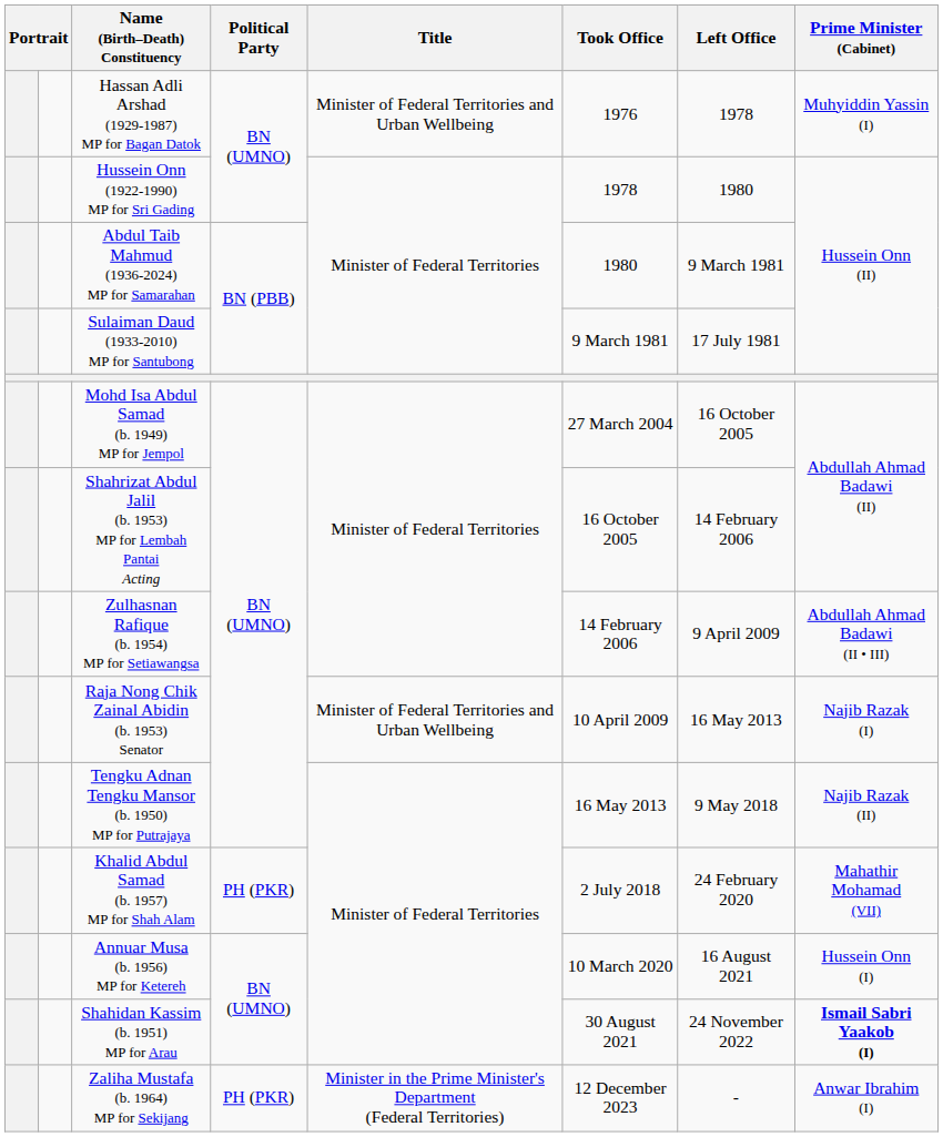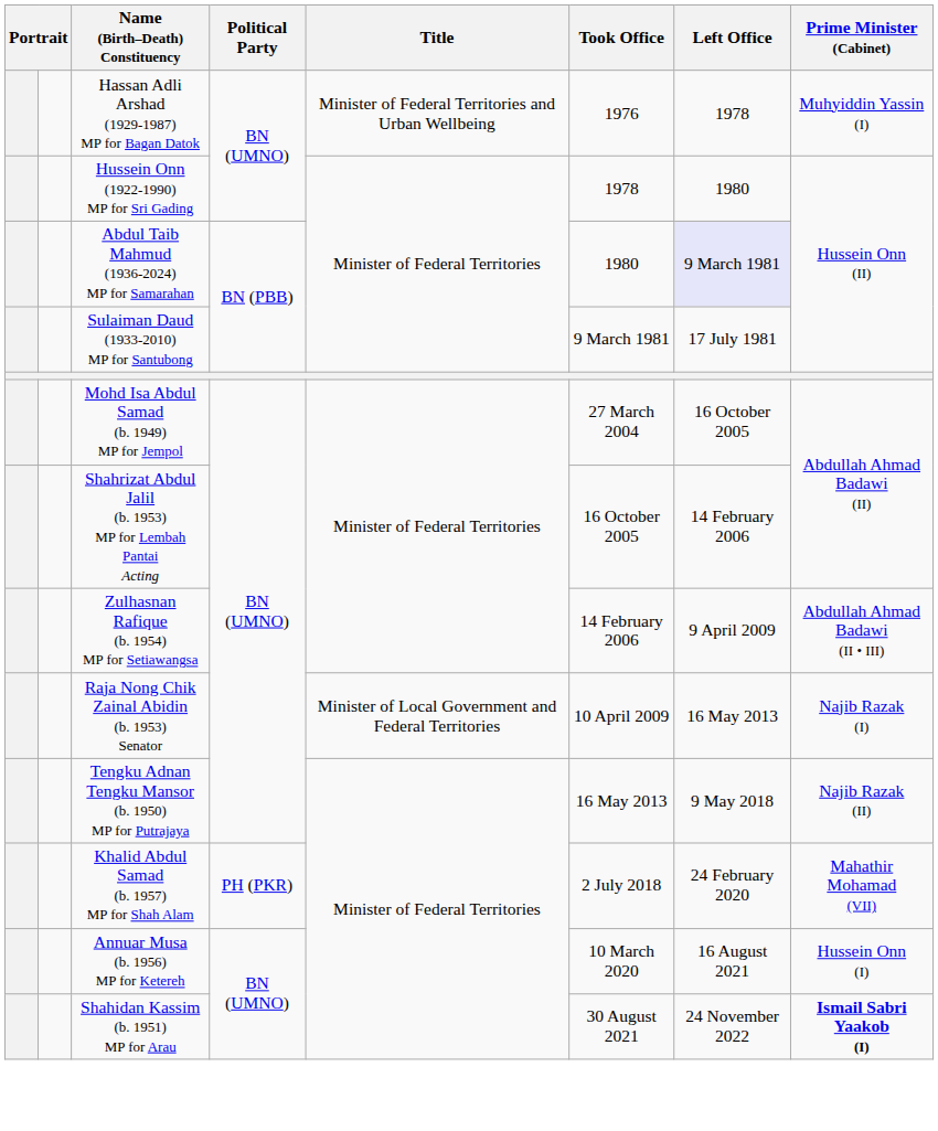 <table class="wikitable" style="text-align:center;">
 <tr>
 <th colspan=2>Portrait</th>
 <th>Name<br><small>(Birth–Death)<br>Constituency</small></th>
 <th>Political Party</th>
 <th>Title</th>
 <th>Took Office</th>
 <th>Left Office</th>
 <th><a href='#'>Prime Minister</a><br><small>(Cabinet)</small></th>
 </tr>
 <tr>
 <th style="background:"></th>
 <td></td>
 <td>Hassan Adli Arshad<br><small>(1929-1987)<br>MP for <a href='#'>Bagan Datok</a></small></td>
 <td rowspan=2><a href='#'>BN</a> (<a href='#'>UMNO</a>)</td>
 <td>Minister of Federal Territories and Urban Wellbeing</td>
 <td>1976</td>
 <td>1978</td>
 <td><a href='#'>Muhyiddin Yassin</a><br><small>(I)</small></td>
 </tr>
 <tr>
 <th style="background:"></th>
 <td></td>
 <td><a href='#'>Hussein Onn</a><br><small>(1922-1990)<br>MP for <a href='#'>Sri Gading</a></small></td>
 <td rowspan=3>Minister of Federal Territories</td>
 <td>1978</td>
 <td>1980</td>
 <td rowspan=3><a href='#'>Hussein Onn</a><br><small>(II)</small></td>
 </tr>
 <tr>
 <th style="background:"></th>
 <td></td>
 <td><a href='#'>Abdul Taib Mahmud</a><br><small>(1936-2024)<br>MP for <a href='#'>Samarahan</a></small></td>
 <td rowspan=2><a href='#'>BN</a> (<a href='#'>PBB</a>)</td>
 <td>1980</td>
-<td>9 March 1981</td>
+<td style="background: lavender;">9 March 1981</td>
 </tr>
 <tr>
 <th style="background:"></th>
 <td></td>
 <td><a href='#'>Sulaiman Daud</a><br><small>(1933-2010)<br>MP for <a href='#'>Santubong</a></small></td>
 <td>9 March 1981</td>
 <td>17 July 1981</td>
 </tr>
 <tr>
 <th colspan=8 bgcolor=cccccc></th>
 </tr>
 <tr>
 <th style="background:"></th>
 <td></td>
 <td><a href='#'>Mohd Isa Abdul Samad</a><br><small>(b. 1949)<br>MP for <a href='#'>Jempol</a></small></td>
 <td rowspan=5><a href='#'>BN</a> (<a href='#'>UMNO</a>)</td>
 <td rowspan=3>Minister of Federal Territories</td>
 <td>27 March 2004</td>
 <td>16 October 2005</td>
 <td rowspan=2><a href='#'>Abdullah Ahmad Badawi</a><br><small>(II)</small></td>
 </tr>
 <tr>
 <th style="background:"></th>
 <td></td>
 <td><a href='#'>Shahrizat Abdul Jalil</a><br><small>(b. 1953)<br>MP for <a href='#'>Lembah Pantai</a><br><em>Acting</em></small></td>
 <td>16 October 2005</td>
 <td>14 February 2006</td>
 </tr>
 <tr>
 <th style="background:"></th>
 <td></td>
 <td><a href='#'>Zulhasnan Rafique</a><br><small>(b. 1954)<br>MP for <a href='#'>Setiawangsa</a></small></td>
 <td>14 February 2006</td>
 <td>9 April 2009</td>
 <td><a href='#'>Abdullah Ahmad Badawi</a><br><small>(II • III)</small></td>
 </tr>
 <tr>
 <th style="background:"></th>
 <td></td>
 <td><a href='#'>Raja Nong Chik</a><br><a href='#'>Zainal Abidin</a><br><small>(b. 1953)<br>Senator</small></td>
-<td>Minister of Federal Territories and Urban Wellbeing</td>
+<td>Minister of Local Government and Federal Territories</td>
 <td>10 April 2009</td>
 <td>16 May 2013</td>
 <td><a href='#'>Najib Razak</a><br><small>(I)</small></td>
 </tr>
 <tr>
 <th style="background:"></th>
 <td></td>
 <td><a href='#'>Tengku Adnan</a><br><a href='#'>Tengku Mansor</a><br><small>(b. 1950)<br>MP for <a href='#'>Putrajaya</a></small></td>
 <td rowspan="4">Minister of Federal Territories</td>
 <td>16 May 2013</td>
 <td>9 May 2018</td>
 <td><a href='#'>Najib Razak</a><br><small>(II)</small></td>
 </tr>
 <tr P>
 <th style="background:"></th>
 <td></td>
 <td><a href='#'>Khalid Abdul Samad</a><br><small>(b. 1957)<br>MP for <a href='#'>Shah Alam</a></small></td>
 <td><a href='#'>PH</a> (<a href='#'>PKR</a>)</td>
 <td>2 July 2018</td>
 <td>24 February 2020</td>
 <td><a href='#'>Mahathir Mohamad<br><small>(VII)</small></a></td>
 </tr>
 <tr>
 <th style="background:"></th>
 <td></td>
 <td><a href='#'>Annuar Musa</a><br><small>(b. 1956)<br>MP for <a href='#'>Ketereh</a></small></td>
 <td rowspan=2><a href='#'>BN</a> (<a href='#'>UMNO</a>)</td>
 <td>10 March 2020</td>
 <td>16 August 2021</td>
 <td><a href='#'>Hussein Onn</a><br><small>(I)</small></td>
 </tr>
 <tr>
 <th style="background:"></th>
 <td></td>
 <td><a href='#'>Shahidan Kassim</a><br><small>(b. 1951)<br>MP for <a href='#'>Arau</a></small></td>
 <td>30 August 2021</td>
 <td>24 November 2022</td>
 <td><strong><a href='#'>Ismail Sabri Yaakob</a><br><small>(I)</small></strong></td>
 </tr>
-<tr>
-<th style="background:"></th>
-<td></td>
-<td><a href='#'>Zaliha Mustafa</a><br><small>(b. 1964)<br>MP for <a href='#'>Sekijang</a></small></td>
-<td><a href='#'>PH</a> (<a href='#'>PKR</a>)</td>
-<td><a href='#'>Minister in the Prime Minister's Department</a><br>(Federal Territories)</td>
-<td>12 December 2023</td>
-<td>-</td>
-<td><a href='#'>Anwar Ibrahim</a><br><small>(I)</small></td>
-</tr>
 </table>
